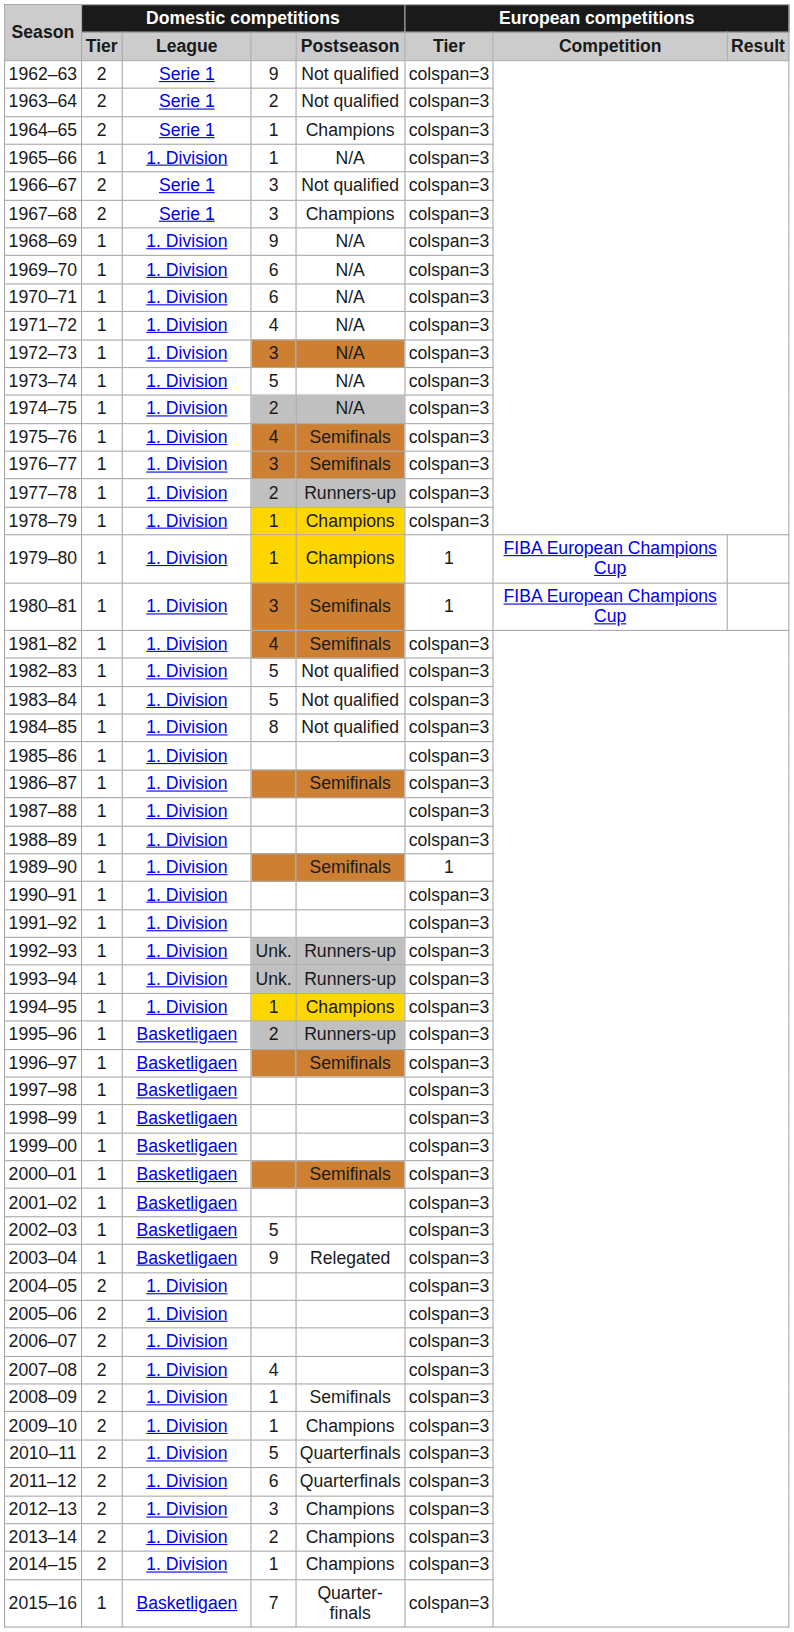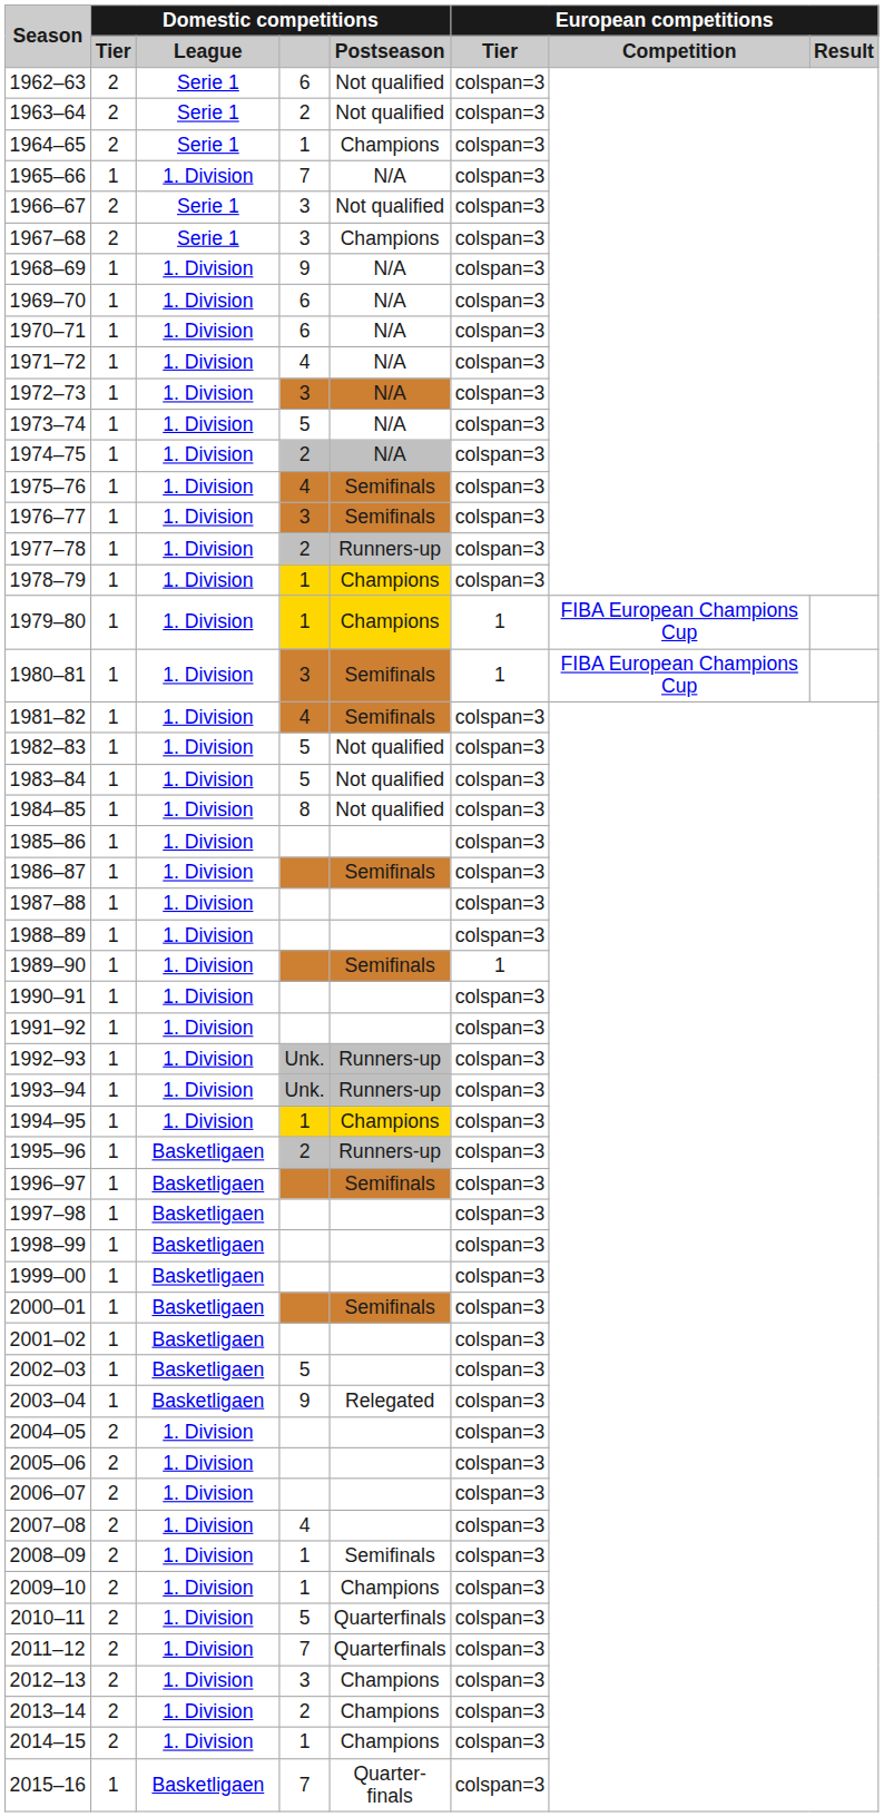 <table class="wikitable" style="font-size:100%; text-align:center; background: #FFFFFF; color: #1a1a1a;">
 <tr>
 <th rowspan=2 style="text-align:center;background: #ccc; color: #1a1a1a;">Season</th>
 <th colspan=4 style="background: #1a1a1a; color: #FFFFFF;">Domestic competitions</th>
 <th colspan=3 style="background: #1a1a1a; color: #FFFFFF;">European competitions</th>
 </tr>
 <tr>
 <th style="width:30px; text-align:center;background: #ccc; color: #1a1a1a;">Tier</th>
 <th style="width:110px;background: #ccc; color: #1a1a1a;">League</th>
 <th style="width:30px; text-align:center;background: #ccc; color: #1a1a1a;"></th>
 <th style="width:30px;background: #ccc; color: #1a1a1a;">Postseason</th>
 <th style="width:30px; text-align:center;background: #ccc; color: #1a1a1a;">Tier</th>
 <th style="width:205px;background: #ccc; color: #1a1a1a;">Competition</th>
 <th style="width:30px;text-align:center;background: #ccc; color: #1a1a1a;">Result</th>
 </tr>
 <tr>
 <td>1962–63</td>
 <td>2</td>
 <td><a href='#'>Serie 1</a></td>
-<td>9</td>
+<td>6</td>
 <td>Not qualified</td>
 <td>colspan=3 </td>
 </tr>
 <tr>
 <td>1963–64</td>
 <td>2</td>
 <td><a href='#'>Serie 1</a></td>
 <td>2</td>
 <td>Not qualified</td>
 <td>colspan=3 </td>
 </tr>
 <tr>
 <td>1964–65</td>
 <td>2</td>
 <td><a href='#'>Serie 1</a></td>
 <td>1</td>
 <td>Champions</td>
 <td>colspan=3 </td>
 </tr>
 <tr>
 <td>1965–66</td>
 <td>1</td>
 <td><a href='#'>1. Division</a></td>
-<td>1</td>
+<td>7</td>
 <td>N/A</td>
 <td>colspan=3 </td>
 </tr>
 <tr>
 <td>1966–67</td>
 <td>2</td>
 <td><a href='#'>Serie 1</a></td>
 <td>3</td>
 <td>Not qualified</td>
 <td>colspan=3 </td>
 </tr>
 <tr>
 <td>1967–68</td>
 <td>2</td>
 <td><a href='#'>Serie 1</a></td>
 <td>3</td>
 <td>Champions</td>
 <td>colspan=3 </td>
 </tr>
 <tr>
 <td>1968–69</td>
 <td>1</td>
 <td><a href='#'>1. Division</a></td>
 <td>9</td>
 <td>N/A</td>
 <td>colspan=3 </td>
 </tr>
 <tr>
 <td>1969–70</td>
 <td>1</td>
 <td><a href='#'>1. Division</a></td>
 <td>6</td>
 <td>N/A</td>
 <td>colspan=3 </td>
 </tr>
 <tr>
 <td>1970–71</td>
 <td>1</td>
 <td><a href='#'>1. Division</a></td>
 <td>6</td>
 <td>N/A</td>
 <td>colspan=3 </td>
 </tr>
 <tr>
 <td>1971–72</td>
 <td>1</td>
 <td><a href='#'>1. Division</a></td>
 <td>4</td>
 <td>N/A</td>
 <td>colspan=3 </td>
 </tr>
 <tr>
 <td>1972–73</td>
 <td>1</td>
 <td><a href='#'>1. Division</a></td>
 <td style="background:#CD7F32; text-align:center;">3</td>
 <td style="background:#CD7F32; text-align:center;">N/A</td>
 <td>colspan=3 </td>
 </tr>
 <tr>
 <td>1973–74</td>
 <td>1</td>
 <td><a href='#'>1. Division</a></td>
 <td>5</td>
 <td>N/A</td>
 <td>colspan=3 </td>
 </tr>
 <tr>
 <td>1974–75</td>
 <td>1</td>
 <td><a href='#'>1. Division</a></td>
 <td style="background:#C0C0C0; text-align:center;">2</td>
 <td style="background:#C0C0C0; text-align:center;">N/A</td>
 <td>colspan=3 </td>
 </tr>
 <tr>
 <td>1975–76</td>
 <td>1</td>
 <td><a href='#'>1. Division</a></td>
 <td style="background:#CD7F32; text-align:center;">4</td>
 <td style="background:#CD7F32; text-align:center;">Semifinals</td>
 <td>colspan=3 </td>
 </tr>
 <tr>
 <td>1976–77</td>
 <td>1</td>
 <td><a href='#'>1. Division</a></td>
 <td style="background:#CD7F32; text-align:center;">3</td>
 <td style="background:#CD7F32; text-align:center;">Semifinals</td>
 <td>colspan=3 </td>
 </tr>
 <tr>
 <td>1977–78</td>
 <td>1</td>
 <td><a href='#'>1. Division</a></td>
 <td style="background:#C0C0C0; text-align:center;">2</td>
 <td style="background:#C0C0C0; text-align:center;">Runners-up</td>
 <td>colspan=3 </td>
 </tr>
 <tr>
 <td>1978–79</td>
 <td>1</td>
 <td><a href='#'>1. Division</a></td>
 <td style="background:gold; text-align:center;">1</td>
 <td style="background:gold; text-align:center;">Champions</td>
 <td>colspan=3 </td>
 </tr>
 <tr>
 <td>1979–80</td>
 <td>1</td>
 <td><a href='#'>1. Division</a></td>
 <td style="background:gold; text-align:center;">1</td>
 <td style="background:gold; text-align:center;">Champions</td>
 <td>1</td>
 <td><a href='#'>FIBA European Champions Cup</a></td>
 <td></td>
 </tr>
 <tr>
 <td>1980–81</td>
 <td>1</td>
 <td><a href='#'>1. Division</a></td>
 <td style="background:#CD7F32; text-align:center;">3</td>
 <td style="background:#CD7F32; text-align:center;">Semifinals</td>
 <td>1</td>
 <td><a href='#'>FIBA European Champions Cup</a></td>
 <td></td>
 </tr>
 <tr>
 <td>1981–82</td>
 <td>1</td>
 <td><a href='#'>1. Division</a></td>
 <td style="background:#CD7F32; text-align:center;">4</td>
 <td style="background:#CD7F32; text-align:center;">Semifinals</td>
 <td>colspan=3 </td>
 </tr>
 <tr>
 <td>1982–83</td>
 <td>1</td>
 <td><a href='#'>1. Division</a></td>
 <td>5</td>
 <td>Not qualified</td>
 <td>colspan=3 </td>
 </tr>
 <tr>
 <td>1983–84</td>
 <td>1</td>
 <td><a href='#'>1. Division</a></td>
 <td>5</td>
 <td>Not qualified</td>
 <td>colspan=3 </td>
 </tr>
 <tr>
 <td>1984–85</td>
 <td>1</td>
 <td><a href='#'>1. Division</a></td>
 <td>8</td>
 <td>Not qualified</td>
 <td>colspan=3 </td>
 </tr>
 <tr>
 <td>1985–86</td>
 <td>1</td>
 <td><a href='#'>1. Division</a></td>
 <td></td>
 <td></td>
 <td>colspan=3 </td>
 </tr>
 <tr>
 <td>1986–87</td>
 <td>1</td>
 <td><a href='#'>1. Division</a></td>
 <td style="background:#CD7F32; text-align:center;"></td>
 <td style="background:#CD7F32; text-align:center;">Semifinals</td>
 <td>colspan=3 </td>
 </tr>
 <tr>
 <td>1987–88</td>
 <td>1</td>
 <td><a href='#'>1. Division</a></td>
 <td></td>
 <td></td>
 <td>colspan=3 </td>
 </tr>
 <tr>
 <td>1988–89</td>
 <td>1</td>
 <td><a href='#'>1. Division</a></td>
 <td></td>
 <td></td>
 <td>colspan=3 </td>
 </tr>
 <tr>
 <td>1989–90</td>
 <td>1</td>
 <td><a href='#'>1. Division</a></td>
 <td style="background:#CD7F32; text-align:center;"></td>
 <td style="background:#CD7F32; text-align:center;">Semifinals</td>
 <td>1</td>
 </tr>
 <tr>
 <td>1990–91</td>
 <td>1</td>
 <td><a href='#'>1. Division</a></td>
 <td></td>
 <td></td>
 <td>colspan=3 </td>
 </tr>
 <tr>
 <td>1991–92</td>
 <td>1</td>
 <td><a href='#'>1. Division</a></td>
 <td></td>
 <td></td>
 <td>colspan=3 </td>
 </tr>
 <tr>
 <td>1992–93</td>
 <td>1</td>
 <td><a href='#'>1. Division</a></td>
 <td style="background:#C0C0C0; text-align:center;">Unk.</td>
 <td style="background:#C0C0C0; text-align:center;">Runners-up</td>
 <td>colspan=3 </td>
 </tr>
 <tr>
 <td>1993–94</td>
 <td>1</td>
 <td><a href='#'>1. Division</a></td>
 <td style="background:#C0C0C0; text-align:center;">Unk.</td>
 <td style="background:#C0C0C0; text-align:center;">Runners-up</td>
 <td>colspan=3 </td>
 </tr>
 <tr>
 <td>1994–95</td>
 <td>1</td>
 <td><a href='#'>1. Division</a></td>
 <td style="background:gold; text-align:center;">1</td>
 <td style="background:gold; text-align:center;">Champions</td>
 <td>colspan=3 </td>
 </tr>
 <tr>
 <td>1995–96</td>
 <td>1</td>
 <td><a href='#'>Basketligaen</a></td>
 <td style="background:#C0C0C0; text-align:center;">2</td>
 <td style="background:#C0C0C0; text-align:center;">Runners-up</td>
 <td>colspan=3 </td>
 </tr>
 <tr>
 <td>1996–97</td>
 <td>1</td>
 <td><a href='#'>Basketligaen</a></td>
 <td style="background:#CD7F32; text-align:center;"></td>
 <td style="background:#CD7F32; text-align:center;">Semifinals</td>
 <td>colspan=3 </td>
 </tr>
 <tr>
 <td>1997–98</td>
 <td>1</td>
 <td><a href='#'>Basketligaen</a></td>
 <td></td>
 <td></td>
 <td>colspan=3 </td>
 </tr>
 <tr>
 <td>1998–99</td>
 <td>1</td>
 <td><a href='#'>Basketligaen</a></td>
 <td></td>
 <td></td>
 <td>colspan=3 </td>
 </tr>
 <tr>
 <td>1999–00</td>
 <td>1</td>
 <td><a href='#'>Basketligaen</a></td>
 <td></td>
 <td></td>
 <td>colspan=3 </td>
 </tr>
 <tr>
 <td>2000–01</td>
 <td>1</td>
 <td><a href='#'>Basketligaen</a></td>
 <td style="background:#CD7F32; text-align:center;"></td>
 <td style="background:#CD7F32; text-align:center;">Semifinals</td>
 <td>colspan=3 </td>
 </tr>
 <tr>
 <td>2001–02</td>
 <td>1</td>
 <td><a href='#'>Basketligaen</a></td>
 <td></td>
 <td></td>
 <td>colspan=3 </td>
 </tr>
 <tr>
 <td>2002–03</td>
 <td>1</td>
 <td><a href='#'>Basketligaen</a></td>
 <td>5</td>
 <td></td>
 <td>colspan=3 </td>
 </tr>
 <tr>
 <td>2003–04</td>
 <td>1</td>
 <td><a href='#'>Basketligaen</a></td>
 <td>9</td>
 <td>Relegated</td>
 <td>colspan=3 </td>
 </tr>
 <tr>
 <td>2004–05</td>
 <td>2</td>
 <td><a href='#'>1. Division</a></td>
 <td></td>
 <td></td>
 <td>colspan=3 </td>
 </tr>
 <tr>
 <td>2005–06</td>
 <td>2</td>
 <td><a href='#'>1. Division</a></td>
 <td></td>
 <td></td>
 <td>colspan=3 </td>
 </tr>
 <tr>
 <td>2006–07</td>
 <td>2</td>
 <td><a href='#'>1. Division</a></td>
 <td></td>
 <td></td>
 <td>colspan=3 </td>
 </tr>
 <tr>
 <td>2007–08</td>
 <td>2</td>
 <td><a href='#'>1. Division</a></td>
 <td>4</td>
 <td></td>
 <td>colspan=3 </td>
 </tr>
 <tr>
 <td>2008–09</td>
 <td>2</td>
 <td><a href='#'>1. Division</a></td>
 <td>1</td>
 <td>Semifinals</td>
 <td>colspan=3 </td>
 </tr>
 <tr>
 <td>2009–10</td>
 <td>2</td>
 <td><a href='#'>1. Division</a></td>
 <td>1</td>
 <td>Champions</td>
 <td>colspan=3 </td>
 </tr>
 <tr>
 <td>2010–11</td>
 <td>2</td>
 <td><a href='#'>1. Division</a></td>
 <td>5</td>
 <td>Quarterfinals</td>
 <td>colspan=3 </td>
 </tr>
 <tr>
 <td>2011–12</td>
 <td>2</td>
 <td><a href='#'>1. Division</a></td>
-<td>6</td>
+<td>7</td>
 <td>Quarterfinals</td>
 <td>colspan=3 </td>
 </tr>
 <tr>
 <td>2012–13</td>
 <td>2</td>
 <td><a href='#'>1. Division</a></td>
 <td>3</td>
 <td>Champions</td>
 <td>colspan=3 </td>
 </tr>
 <tr>
 <td>2013–14</td>
 <td>2</td>
 <td><a href='#'>1. Division</a></td>
 <td>2</td>
 <td>Champions</td>
 <td>colspan=3 </td>
 </tr>
 <tr>
 <td>2014–15</td>
 <td>2</td>
 <td><a href='#'>1. Division</a></td>
 <td>1</td>
 <td>Champions</td>
 <td>colspan=3 </td>
 </tr>
 <tr>
 <td>2015–16</td>
 <td>1</td>
 <td><a href='#'>Basketligaen</a></td>
 <td>7</td>
 <td>Quarter-finals</td>
 <td>colspan=3 </td>
 </tr>
 </table>
